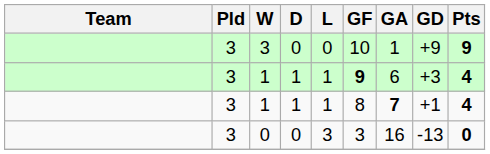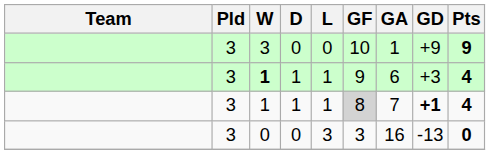 <table class="wikitable" style="text-align: center;">
 <tr>
 <th width="175">Team</th>
 <th width="20">Pld</th>
 <th width="20">W</th>
 <th width="20">D</th>
 <th width="20">L</th>
 <th width="20">GF</th>
 <th width="20">GA</th>
 <th width="20">GD</th>
 <th width="20">Pts</th>
 </tr>
 <tr bgcolor="#ccffcc">
 <td style="text-align:left;"></td>
 <td>3</td>
 <td>3</td>
 <td>0</td>
 <td>0</td>
 <td>10</td>
 <td>1</td>
 <td>+9</td>
 <td><strong>9</strong></td>
 </tr>
 <tr bgcolor="#ccffcc">
 <td style="text-align:left;"></td>
 <td>3</td>
+<td><strong>1</strong></td>
 <td>1</td>
 <td>1</td>
-<td>1</td>
-<td><strong>9</strong></td>
+<td>9</td>
 <td>6</td>
 <td>+3</td>
 <td><strong>4</strong></td>
 </tr>
 <tr align=center>
 <td style="text-align:left;"><em></em></td>
 <td>3</td>
 <td>1</td>
 <td>1</td>
 <td>1</td>
-<td>8</td>
-<td><strong>7</strong></td>
-<td>+1</td>
+<td style="background: lightgrey;">8</td>
+<td>7</td>
+<td><strong>+1</strong></td>
 <td><strong>4</strong></td>
 </tr>
 <tr align=center>
 <td style="text-align:left;"></td>
 <td>3</td>
 <td>0</td>
 <td>0</td>
 <td>3</td>
 <td>3</td>
 <td>16</td>
 <td>-13</td>
 <td><strong>0</strong></td>
 </tr>
 <tr>
 </tr>
 </table>
